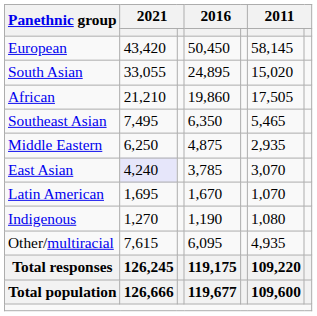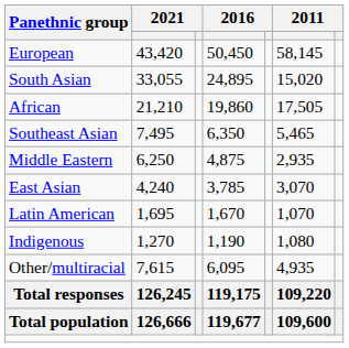 <table class="wikitable collapsible sortable">
 <tr>
 <th rowspan="2"><a href='#'>Panethnic</a> group</th>
 <th colspan="2">2021</th>
 <th colspan="2">2016</th>
 <th colspan="2">2011</th>
 </tr>
 <tr>
 <th><a href='#'></a></th>
 <th></th>
 <th></th>
 <th></th>
 <th></th>
 <th></th>
 </tr>
 <tr>
 <td><a href='#'>European</a></td>
 <td>43,420</td>
 <td></td>
 <td>50,450</td>
 <td></td>
 <td>58,145</td>
 <td></td>
 </tr>
 <tr>
 <td><a href='#'>South Asian</a></td>
 <td>33,055</td>
 <td></td>
 <td>24,895</td>
 <td></td>
 <td>15,020</td>
 <td></td>
 </tr>
 <tr>
 <td><a href='#'>African</a></td>
 <td>21,210</td>
 <td></td>
 <td>19,860</td>
 <td></td>
 <td>17,505</td>
 <td></td>
 </tr>
 <tr>
 <td><a href='#'>Southeast Asian</a></td>
 <td>7,495</td>
 <td></td>
 <td>6,350</td>
 <td></td>
 <td>5,465</td>
 <td></td>
 </tr>
 <tr>
 <td><a href='#'>Middle Eastern</a></td>
 <td>6,250</td>
 <td></td>
 <td>4,875</td>
 <td></td>
 <td>2,935</td>
 <td></td>
 </tr>
 <tr>
 <td><a href='#'>East Asian</a></td>
-<td style="background: lavender;">4,240</td>
+<td>4,240</td>
 <td></td>
 <td>3,785</td>
 <td></td>
 <td>3,070</td>
 <td></td>
 </tr>
 <tr>
 <td><a href='#'>Latin American</a></td>
 <td>1,695</td>
 <td></td>
 <td>1,670</td>
 <td></td>
 <td>1,070</td>
 <td></td>
 </tr>
 <tr>
 <td><a href='#'>Indigenous</a></td>
 <td>1,270</td>
 <td></td>
 <td>1,190</td>
 <td></td>
 <td>1,080</td>
 <td></td>
 </tr>
 <tr>
 <td>Other/<a href='#'>multiracial</a></td>
 <td>7,615</td>
 <td></td>
 <td>6,095</td>
 <td></td>
 <td>4,935</td>
 <td></td>
 </tr>
 <tr>
 <th>Total responses</th>
 <th>126,245</th>
 <th></th>
 <th>119,175</th>
 <th></th>
 <th>109,220</th>
 <th></th>
 </tr>
 <tr class="sortbottom">
 <th>Total population</th>
 <th>126,666</th>
 <th></th>
 <th>119,677</th>
 <th></th>
 <th>109,600</th>
 <th></th>
 </tr>
 <tr class="sortbottom">
 <td colspan="15"></td>
 </tr>
 </table>
